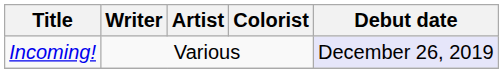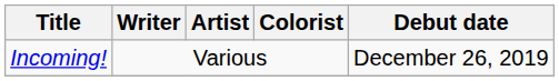 <table class="wikitable" border="2" class="wikitable" style="text-align:center;">
 <tr>
 <th scope="col">Title</th>
 <th scope="col">Writer</th>
 <th scope="col">Artist</th>
 <th scope="col">Colorist</th>
 <th scope="col">Debut date</th>
 </tr>
 <tr>
 <td><em><a href='#'>Incoming!</a></em></td>
 <td colspan="3">Various</td>
-<td style="background: lavender;">December 26, 2019</td>
+<td>December 26, 2019</td>
 </tr>
 <tr>
 </tr>
 </table>
